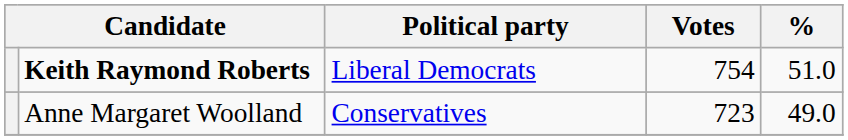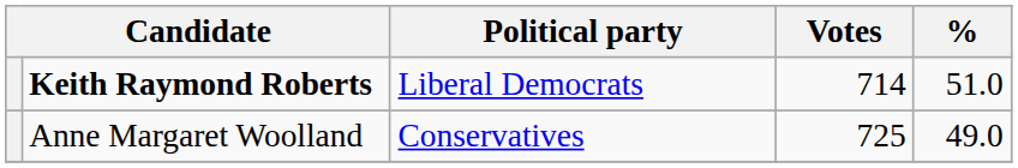 <table class="wikitable">
 <tr>
 <th valign=top colspan="2" style="width: 180px">Candidate</th>
 <th valign=top style="width: 180px">Political party</th>
 <th valign=top style="width: 60px">Votes</th>
 <th valign=top style="width: 40px">%</th>
 </tr>
 <tr>
 <th style="background-color: "></th>
 <td><strong>Keith Raymond Roberts</strong></td>
 <td><a href='#'>Liberal Democrats</a></td>
-<td align="right">754</td>
+<td align="right">714</td>
 <td align="right">51.0</td>
 </tr>
 <tr>
 <th style="background-color: "></th>
 <td>Anne Margaret Woolland</td>
 <td><a href='#'>Conservatives</a></td>
-<td align="right">723</td>
+<td align="right">725</td>
 <td align="right">49.0</td>
 </tr>
 <tr>
 </tr>
 </table>
